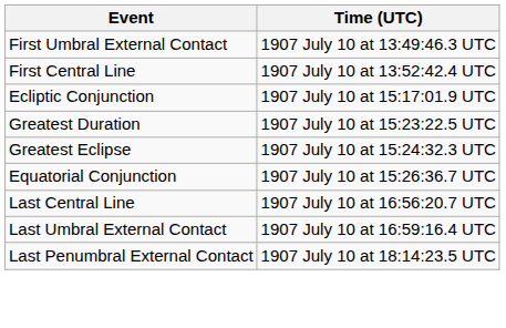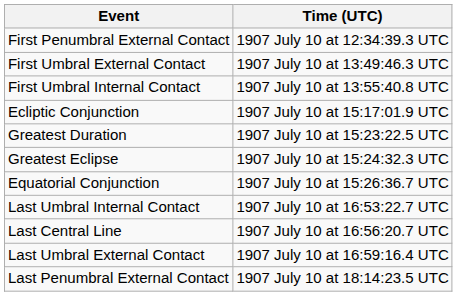 <table class="wikitable">
 <tr>
 <th>Event</th>
 <th>Time (UTC)</th>
 </tr>
 <tr>
+<td>First Penumbral External Contact</td>
+<td>1907 July 10 at 12:34:39.3 UTC</td>
+</tr>
+<tr>
 <td>First Umbral External Contact</td>
 <td>1907 July 10 at 13:49:46.3 UTC</td>
 </tr>
 <tr>
-<td>First Central Line</td>
-<td>1907 July 10 at 13:52:42.4 UTC</td>
+<td>First Umbral Internal Contact</td>
+<td>1907 July 10 at 13:55:40.8 UTC</td>
 </tr>
 <tr>
 <td>Ecliptic Conjunction</td>
 <td>1907 July 10 at 15:17:01.9 UTC</td>
 </tr>
 <tr>
 <td>Greatest Duration</td>
 <td>1907 July 10 at 15:23:22.5 UTC</td>
 </tr>
 <tr>
 <td>Greatest Eclipse</td>
 <td>1907 July 10 at 15:24:32.3 UTC</td>
 </tr>
 <tr>
 <td>Equatorial Conjunction</td>
 <td>1907 July 10 at 15:26:36.7 UTC</td>
 </tr>
 <tr>
+<td>Last Umbral Internal Contact</td>
+<td>1907 July 10 at 16:53:22.7 UTC</td>
+</tr>
+<tr>
 <td>Last Central Line</td>
 <td>1907 July 10 at 16:56:20.7 UTC</td>
 </tr>
 <tr>
 <td>Last Umbral External Contact</td>
 <td>1907 July 10 at 16:59:16.4 UTC</td>
 </tr>
 <tr>
 <td>Last Penumbral External Contact</td>
 <td>1907 July 10 at 18:14:23.5 UTC</td>
 </tr>
 </table>
